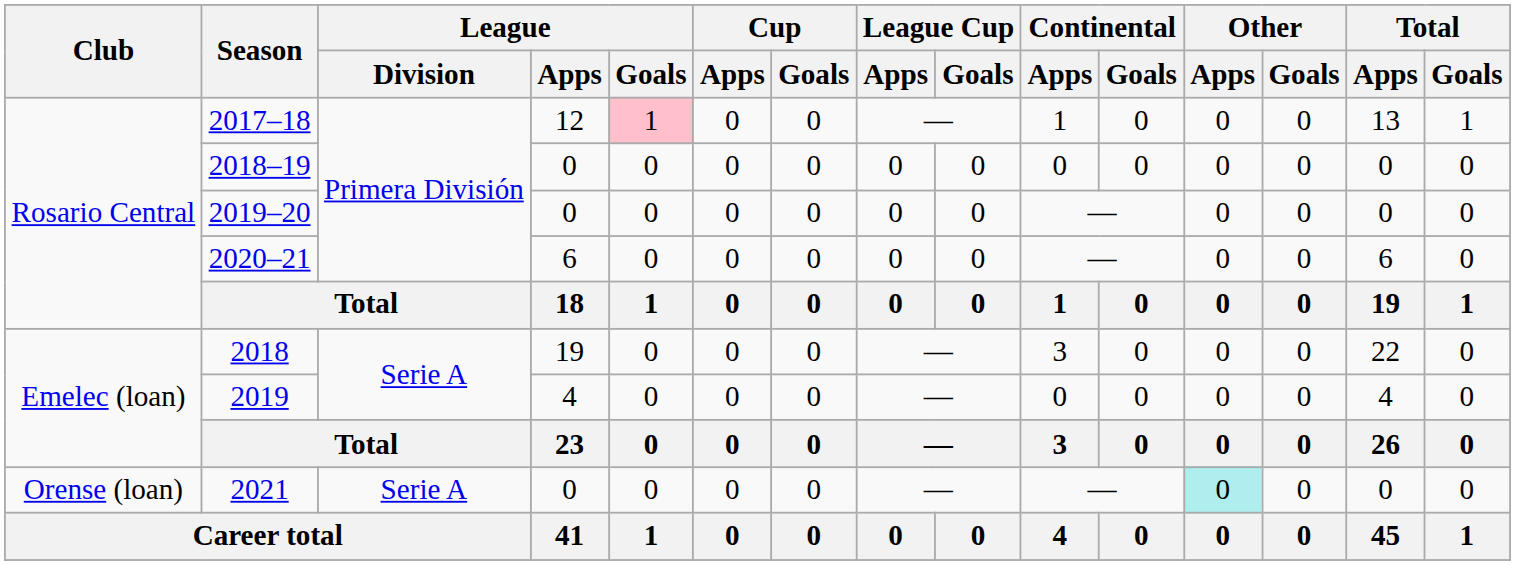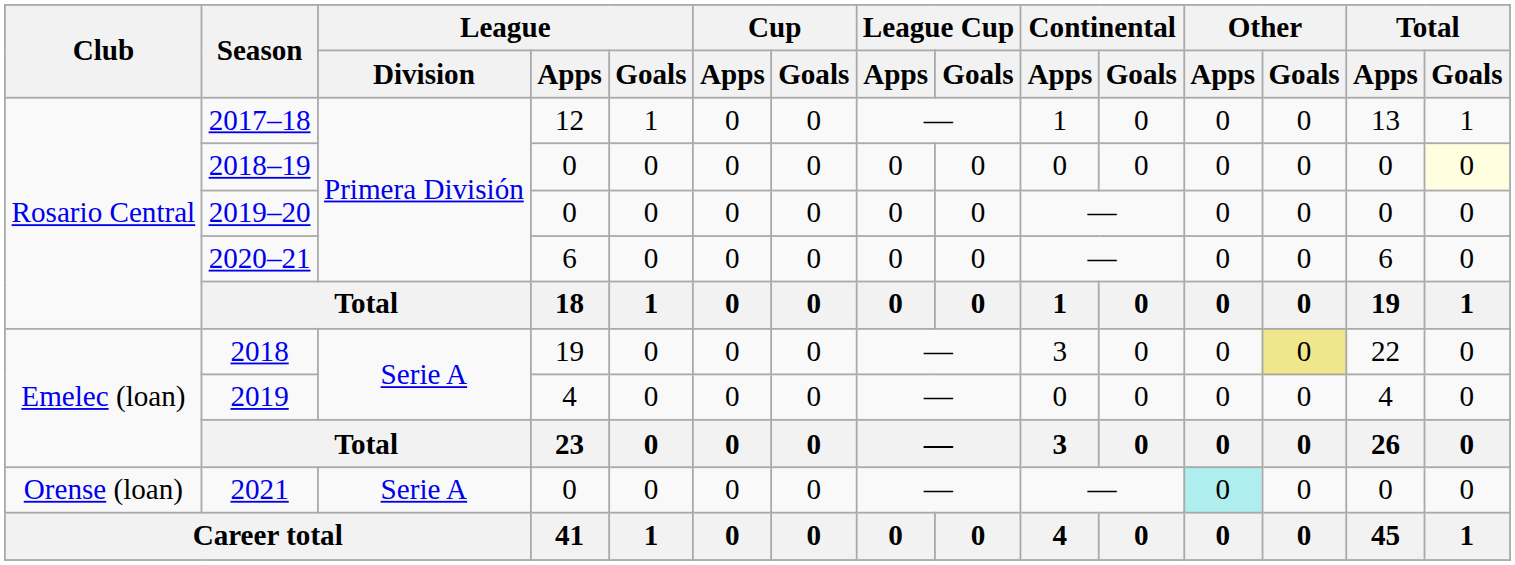 <table class="wikitable" style="text-align:center">
 <tr>
 <th rowspan="2">Club</th>
 <th rowspan="2">Season</th>
 <th colspan="3">League</th>
 <th colspan="2">Cup</th>
 <th colspan="2">League Cup</th>
 <th colspan="2">Continental</th>
 <th colspan="2">Other</th>
 <th colspan="2">Total</th>
 </tr>
 <tr>
 <th>Division</th>
 <th>Apps</th>
 <th>Goals</th>
 <th>Apps</th>
 <th>Goals</th>
 <th>Apps</th>
 <th>Goals</th>
 <th>Apps</th>
 <th>Goals</th>
 <th>Apps</th>
 <th>Goals</th>
 <th>Apps</th>
 <th>Goals</th>
 </tr>
 <tr>
 <td rowspan="5"><a href='#'>Rosario Central</a></td>
 <td><a href='#'>2017–18</a></td>
 <td rowspan="4"><a href='#'>Primera División</a></td>
 <td>12</td>
-<td style="background: pink;">1</td>
+<td>1</td>
 <td>0</td>
 <td>0</td>
 <td colspan="2">—</td>
 <td>1</td>
 <td>0</td>
 <td>0</td>
 <td>0</td>
 <td>13</td>
 <td>1</td>
 </tr>
 <tr>
 <td><a href='#'>2018–19</a></td>
 <td>0</td>
 <td>0</td>
 <td>0</td>
 <td>0</td>
 <td>0</td>
 <td>0</td>
 <td>0</td>
 <td>0</td>
 <td>0</td>
 <td>0</td>
 <td>0</td>
-<td>0</td>
+<td style="background: lightyellow;">0</td>
 </tr>
 <tr>
 <td><a href='#'>2019–20</a></td>
 <td>0</td>
 <td>0</td>
 <td>0</td>
 <td>0</td>
 <td>0</td>
 <td>0</td>
 <td colspan="2">—</td>
 <td>0</td>
 <td>0</td>
 <td>0</td>
 <td>0</td>
 </tr>
 <tr>
 <td><a href='#'>2020–21</a></td>
 <td>6</td>
 <td>0</td>
 <td>0</td>
 <td>0</td>
 <td>0</td>
 <td>0</td>
 <td colspan="2">—</td>
 <td>0</td>
 <td>0</td>
 <td>6</td>
 <td>0</td>
 </tr>
 <tr>
 <th colspan="2">Total</th>
 <th>18</th>
 <th>1</th>
 <th>0</th>
 <th>0</th>
 <th>0</th>
 <th>0</th>
 <th>1</th>
 <th>0</th>
 <th>0</th>
 <th>0</th>
 <th>19</th>
 <th>1</th>
 </tr>
 <tr>
 <td rowspan="3"><a href='#'>Emelec</a> (loan)</td>
 <td><a href='#'>2018</a></td>
 <td rowspan="2"><a href='#'>Serie A</a></td>
 <td>19</td>
 <td>0</td>
 <td>0</td>
 <td>0</td>
 <td colspan="2">—</td>
 <td>3</td>
 <td>0</td>
 <td>0</td>
-<td>0</td>
+<td style="background: khaki;">0</td>
 <td>22</td>
 <td>0</td>
 </tr>
 <tr>
 <td><a href='#'>2019</a></td>
 <td>4</td>
 <td>0</td>
 <td>0</td>
 <td>0</td>
 <td colspan="2">—</td>
 <td>0</td>
 <td>0</td>
 <td>0</td>
 <td>0</td>
 <td>4</td>
 <td>0</td>
 </tr>
 <tr>
 <th colspan="2">Total</th>
 <th>23</th>
 <th>0</th>
 <th>0</th>
 <th>0</th>
 <th colspan="2">—</th>
 <th>3</th>
 <th>0</th>
 <th>0</th>
 <th>0</th>
 <th>26</th>
 <th>0</th>
 </tr>
 <tr>
 <td rowspan="1"><a href='#'>Orense</a> (loan)</td>
 <td><a href='#'>2021</a></td>
 <td rowspan="1"><a href='#'>Serie A</a></td>
 <td>0</td>
 <td>0</td>
 <td>0</td>
 <td>0</td>
 <td colspan="2">—</td>
 <td colspan="2">—</td>
 <td style="background: paleturquoise;">0</td>
 <td>0</td>
 <td>0</td>
 <td>0</td>
 </tr>
 <tr>
 <th colspan="3">Career total</th>
 <th>41</th>
 <th>1</th>
 <th>0</th>
 <th>0</th>
 <th>0</th>
 <th>0</th>
 <th>4</th>
 <th>0</th>
 <th>0</th>
 <th>0</th>
 <th>45</th>
 <th>1</th>
 </tr>
 </table>
